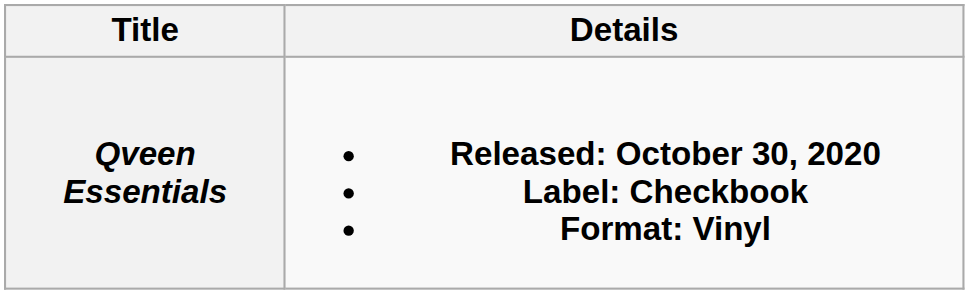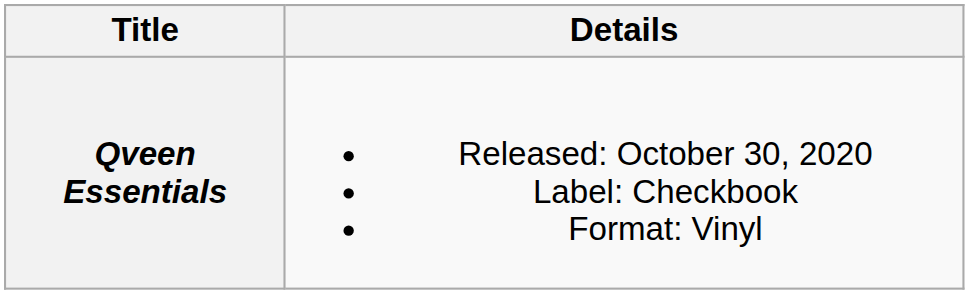 <table class="wikitable plainrowheaders" style="text-align:center;">
 <tr>
 <th scope="col" style="width:8em;">Title</th>
 <th scope="col" style="width:20em;">Details</th>
 </tr>
 <tr>
 <th scope="row"><em>Qveen Essentials</em></th>
-<td><strong><br><ul><li>Released: October 30, 2020</li><li>Label: Checkbook</li><li>Format: Vinyl</li></ul></strong></td>
+<td><br><ul><li>Released: October 30, 2020</li><li>Label: Checkbook</li><li>Format: Vinyl</li></ul></td>
 </tr>
 </table>
